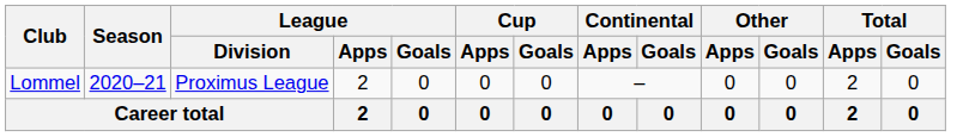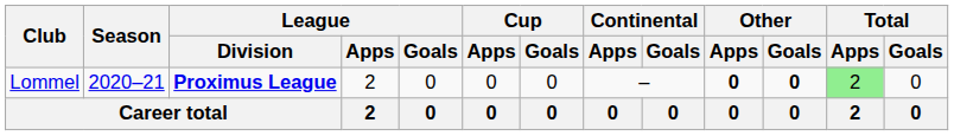 <table class="wikitable" style="text-align: center">
 <tr>
 <th rowspan="2">Club</th>
 <th rowspan="2">Season</th>
 <th colspan="3">League</th>
 <th colspan="2">Cup</th>
 <th colspan="2">Continental</th>
 <th colspan="2">Other</th>
 <th colspan="2">Total</th>
 </tr>
 <tr>
 <th>Division</th>
 <th>Apps</th>
 <th>Goals</th>
 <th>Apps</th>
 <th>Goals</th>
 <th>Apps</th>
 <th>Goals</th>
 <th>Apps</th>
 <th>Goals</th>
 <th>Apps</th>
 <th>Goals</th>
 </tr>
 <tr>
 <td><a href='#'>Lommel</a></td>
 <td><a href='#'>2020–21</a></td>
-<td><a href='#'>Proximus League</a></td>
+<td><strong><a href='#'>Proximus League</a></strong></td>
 <td>2</td>
 <td>0</td>
 <td>0</td>
 <td>0</td>
 <td colspan="2">–</td>
-<td>0</td>
-<td>0</td>
-<td>2</td>
+<td><strong>0</strong></td>
+<td><strong>0</strong></td>
+<td style="background: lightgreen;">2</td>
 <td>0</td>
 </tr>
 <tr>
 <th colspan="3"><strong>Career total</strong></th>
 <th>2</th>
 <th>0</th>
 <th>0</th>
 <th>0</th>
 <th>0</th>
 <th>0</th>
 <th>0</th>
 <th>0</th>
 <th>2</th>
 <th>0</th>
 </tr>
 </table>
